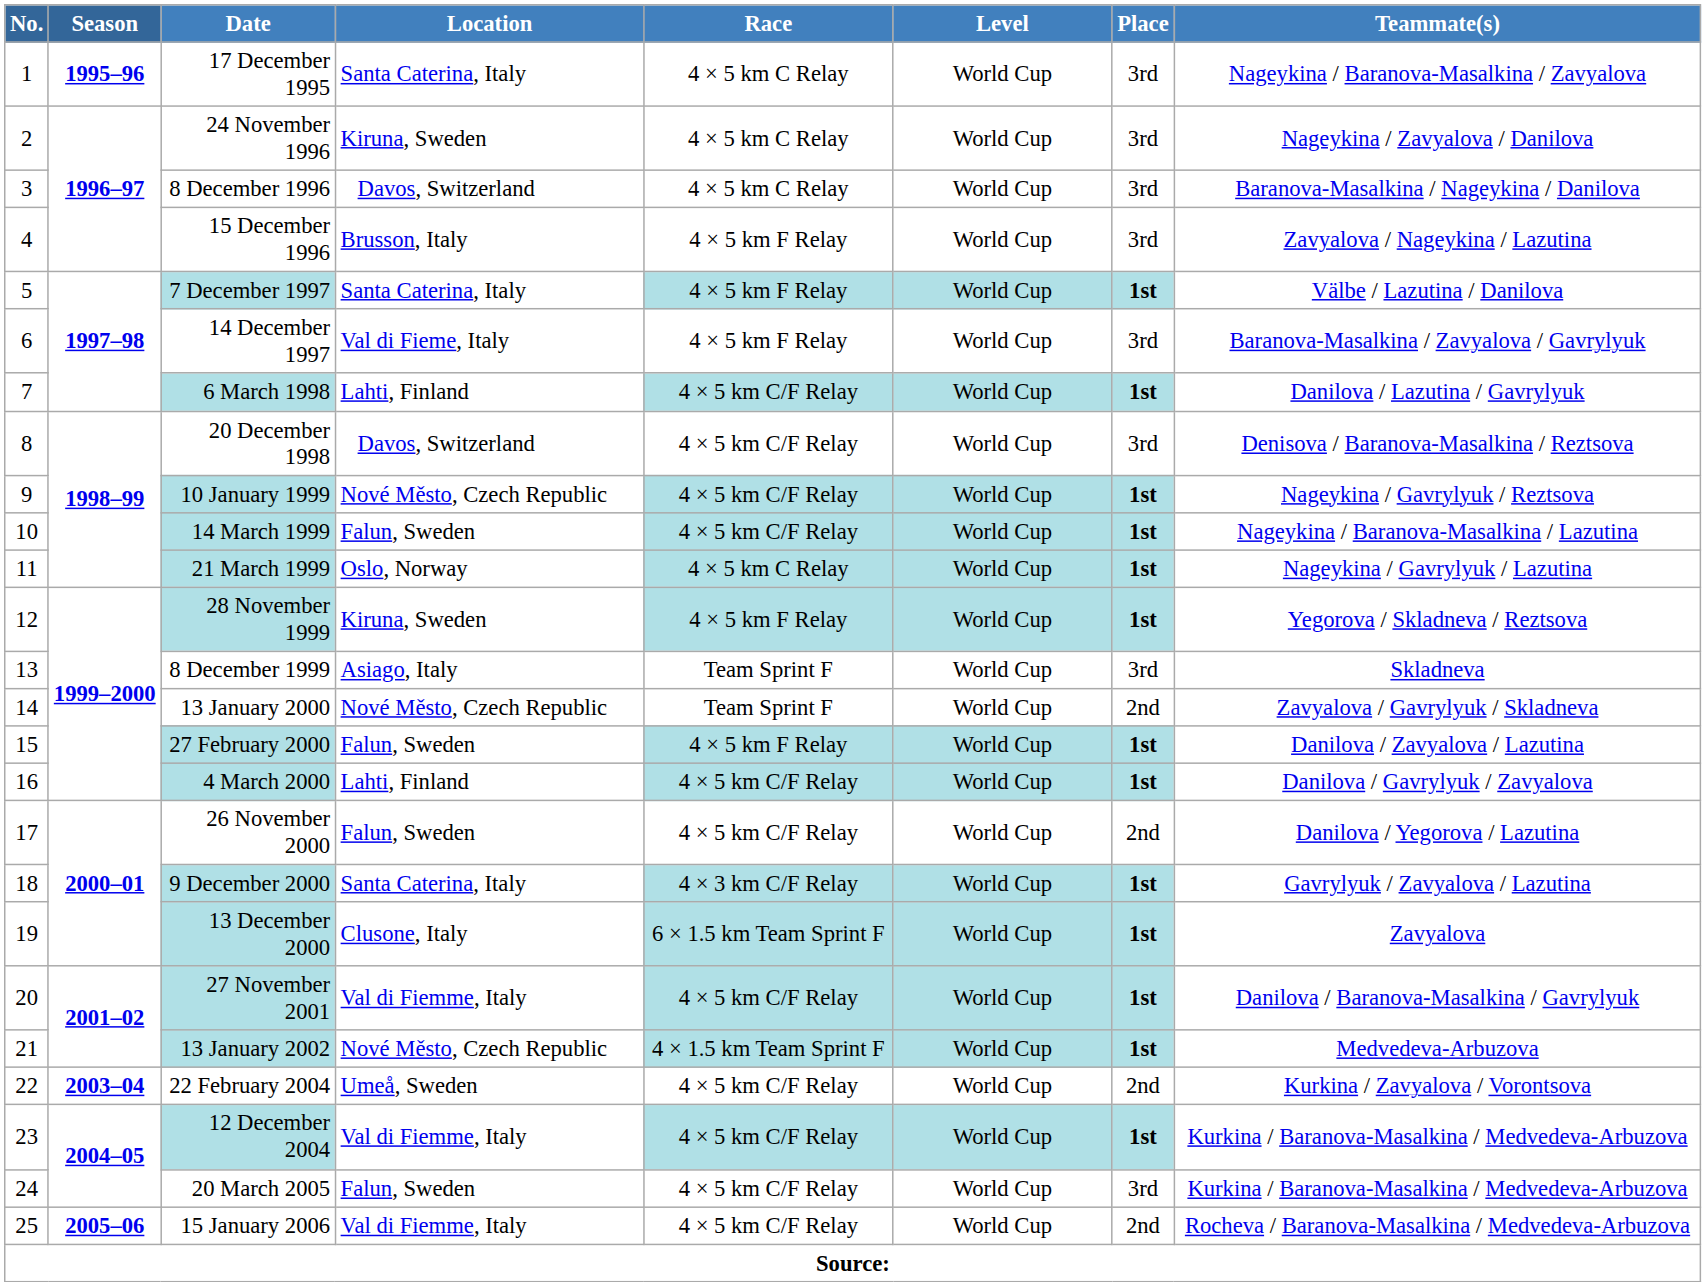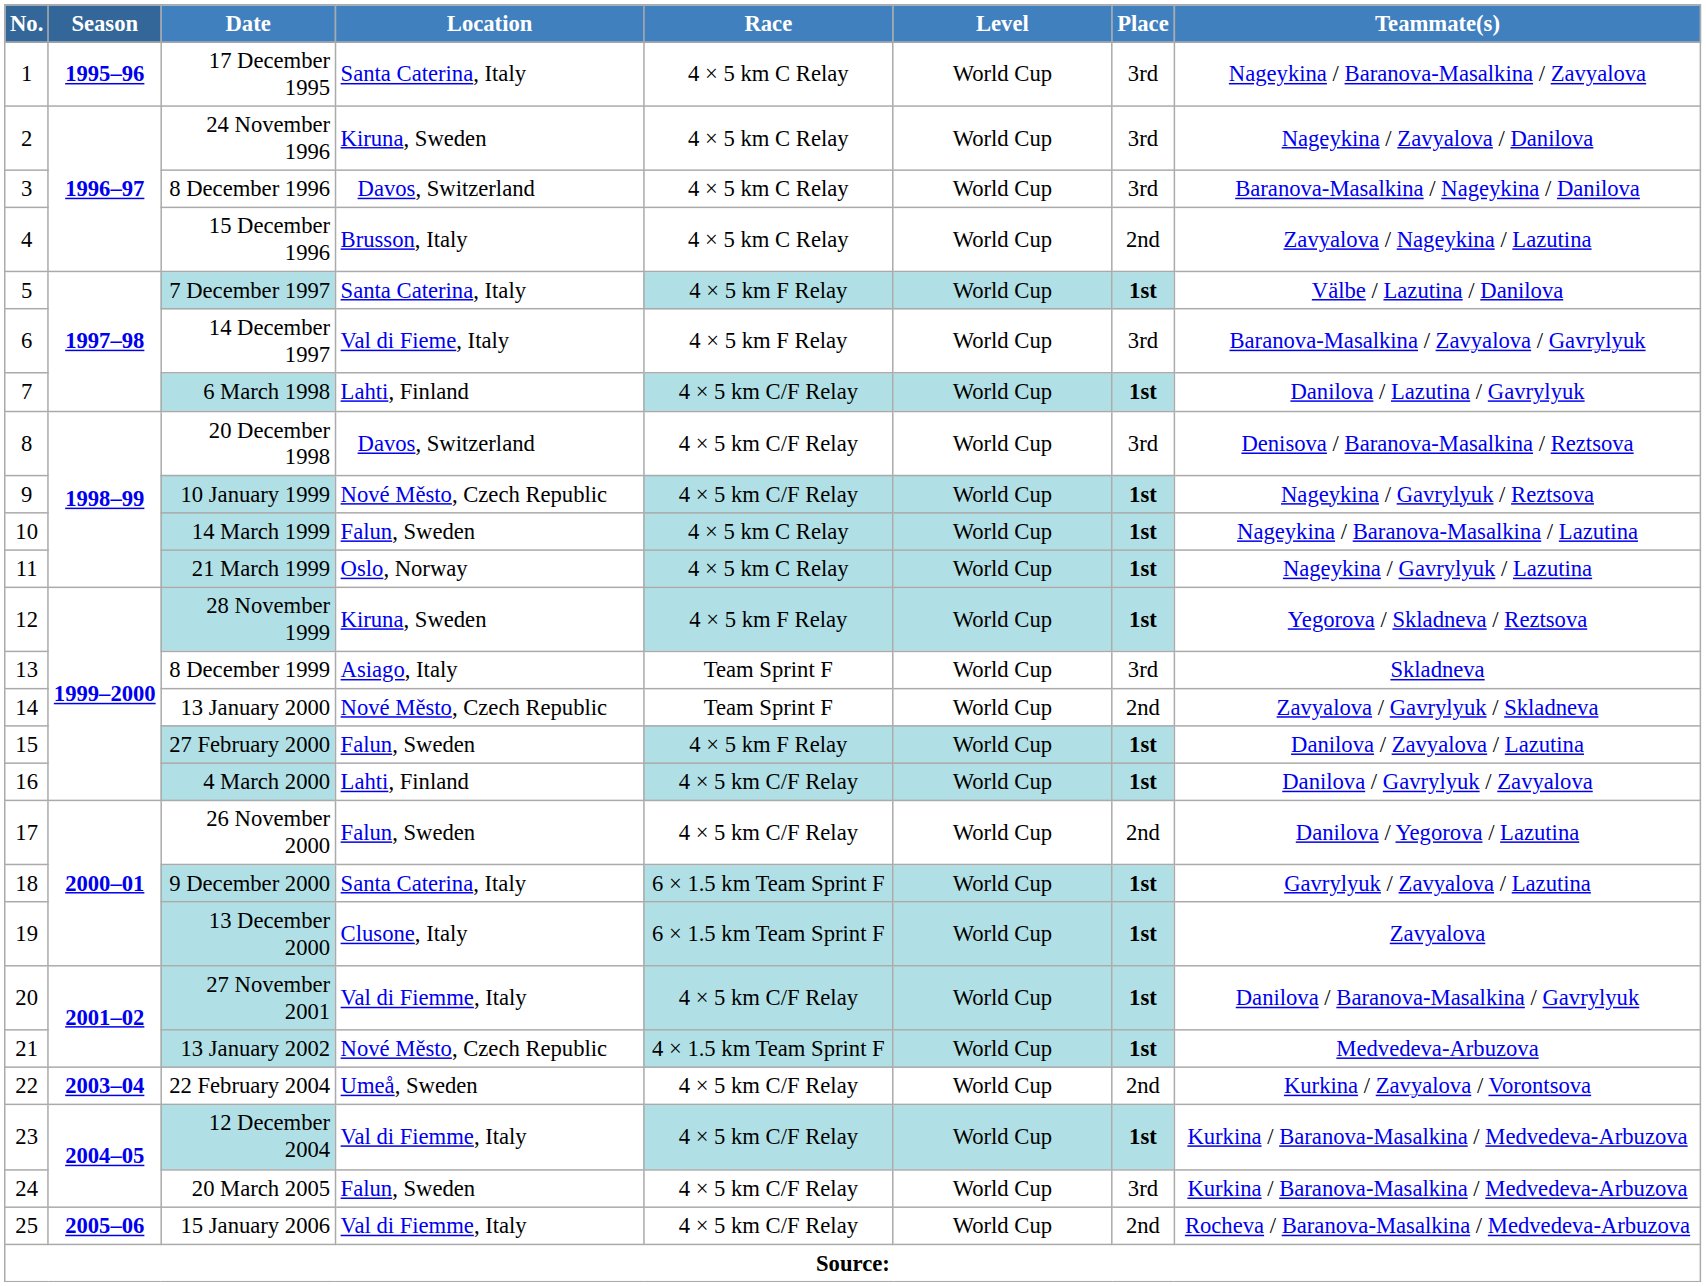 <table class="wikitable sortable" style="font-size:95%; text-align:center; border:grey solid 1px; border-collapse:collapse; background:#ffffff;">
 <tr style="background:#efefef;">
 <th style="background-color:#369; color:white;">No.</th>
 <th style="background-color:#369; color:white;">Season</th>
 <th style="background-color:#4180be; color:white; width:110px;">Date</th>
 <th style="background-color:#4180be; color:white; width:200px;">Location</th>
 <th style="background-color:#4180be; color:white; width:160px;">Race</th>
 <th style="background-color:#4180be; color:white; width:140px;">Level</th>
 <th style="background-color:#4180be; color:white;">Place</th>
 <th style="background-color:#4180be; color:white;">Teammate(s)</th>
 </tr>
 <tr>
 <td align=center>1</td>
 <td align=center><strong><a href='#'>1995–96</a></strong></td>
 <td align=right>17 December 1995</td>
 <td align=left> <a href='#'>Santa Caterina</a>, Italy</td>
 <td>4 × 5 km C Relay</td>
 <td>World Cup</td>
 <td>3rd</td>
 <td><a href='#'>Nageykina</a> / <a href='#'>Baranova-Masalkina</a> / <a href='#'>Zavyalova</a></td>
 </tr>
 <tr>
 <td align=center>2</td>
 <td rowspan=3 align=center><strong><a href='#'>1996–97</a></strong></td>
 <td align=right>24 November 1996</td>
 <td align=left> <a href='#'>Kiruna</a>, Sweden</td>
 <td>4 × 5 km C Relay</td>
 <td>World Cup</td>
 <td>3rd</td>
 <td><a href='#'>Nageykina</a>  / <a href='#'>Zavyalova</a> / <a href='#'>Danilova</a></td>
 </tr>
 <tr>
 <td align=center>3</td>
 <td align=right>8 December 1996</td>
 <td align=left>   <a href='#'>Davos</a>, Switzerland</td>
 <td>4 × 5 km C Relay</td>
 <td>World Cup</td>
 <td>3rd</td>
 <td><a href='#'>Baranova-Masalkina</a> / <a href='#'>Nageykina</a>  / <a href='#'>Danilova</a></td>
 </tr>
 <tr>
 <td align=center>4</td>
 <td align=right>15 December 1996</td>
 <td align=left> <a href='#'>Brusson</a>, Italy</td>
-<td>4 × 5 km F Relay</td>
+<td>4 × 5 km C Relay</td>
 <td>World Cup</td>
-<td>3rd</td>
+<td>2nd</td>
 <td><a href='#'>Zavyalova</a> / <a href='#'>Nageykina</a>  / <a href='#'>Lazutina</a></td>
 </tr>
 <tr>
 <td align=center>5</td>
 <td rowspan=3 align=center><strong><a href='#'>1997–98</a></strong></td>
 <td bgcolor="#BOEOE6" align=right>7 December 1997</td>
 <td align=left> <a href='#'>Santa Caterina</a>, Italy</td>
 <td bgcolor="#BOEOE6">4 × 5 km F Relay</td>
 <td bgcolor="#BOEOE6">World Cup</td>
 <td bgcolor="#BOEOE6"><strong>1st</strong></td>
 <td><a href='#'>Välbe</a> / <a href='#'>Lazutina</a> / <a href='#'>Danilova</a></td>
 </tr>
 <tr>
 <td align=center>6</td>
 <td align=right>14 December 1997</td>
 <td align=left> <a href='#'>Val di Fieme</a>, Italy</td>
 <td>4 × 5 km F Relay</td>
 <td>World Cup</td>
 <td>3rd</td>
 <td><a href='#'>Baranova-Masalkina</a> / <a href='#'>Zavyalova</a> / <a href='#'>Gavrylyuk</a></td>
 </tr>
 <tr>
 <td align=center>7</td>
 <td bgcolor="#BOEOE6" align=right>6 March 1998</td>
 <td align=left> <a href='#'>Lahti</a>, Finland</td>
 <td bgcolor="#BOEOE6">4 × 5 km C/F Relay</td>
 <td bgcolor="#BOEOE6">World Cup</td>
 <td bgcolor="#BOEOE6"><strong>1st</strong></td>
 <td><a href='#'>Danilova</a> / <a href='#'>Lazutina</a> / <a href='#'>Gavrylyuk</a></td>
 </tr>
 <tr>
 <td align=center>8</td>
 <td rowspan=4 align=center><strong><a href='#'>1998–99</a></strong></td>
 <td align=right>20 December 1998</td>
 <td align=left>   <a href='#'>Davos</a>, Switzerland</td>
 <td>4 × 5 km C/F Relay</td>
 <td>World Cup</td>
 <td>3rd</td>
 <td><a href='#'>Denisova</a> / <a href='#'>Baranova-Masalkina</a> / <a href='#'>Reztsova</a></td>
 </tr>
 <tr>
 <td align=center>9</td>
 <td bgcolor="#BOEOE6" align=right>10 January 1999</td>
 <td align=left> <a href='#'>Nové Město</a>, Czech Republic</td>
 <td bgcolor="#BOEOE6">4 × 5 km C/F Relay</td>
 <td bgcolor="#BOEOE6">World Cup</td>
 <td bgcolor="#BOEOE6"><strong>1st</strong></td>
 <td><a href='#'>Nageykina</a> / <a href='#'>Gavrylyuk</a> / <a href='#'>Reztsova</a></td>
 </tr>
 <tr>
 <td align=center>10</td>
 <td bgcolor="#BOEOE6" align=right>14 March 1999</td>
 <td align=left> <a href='#'>Falun</a>, Sweden</td>
-<td bgcolor="#BOEOE6">4 × 5 km C/F Relay</td>
+<td bgcolor="#BOEOE6">4 × 5 km C Relay</td>
 <td bgcolor="#BOEOE6">World Cup</td>
 <td bgcolor="#BOEOE6"><strong>1st</strong></td>
 <td><a href='#'>Nageykina</a> / <a href='#'>Baranova-Masalkina</a> / <a href='#'>Lazutina</a></td>
 </tr>
 <tr>
 <td align=center>11</td>
 <td bgcolor="#BOEOE6" align=right>21 March 1999</td>
 <td align=left> <a href='#'>Oslo</a>, Norway</td>
 <td bgcolor="#BOEOE6">4 × 5 km C Relay</td>
 <td bgcolor="#BOEOE6">World Cup</td>
 <td bgcolor="#BOEOE6"><strong>1st</strong></td>
 <td><a href='#'>Nageykina</a> / <a href='#'>Gavrylyuk</a> / <a href='#'>Lazutina</a></td>
 </tr>
 <tr>
 <td align=center>12</td>
 <td rowspan=5 align=center><strong><a href='#'>1999–2000</a></strong></td>
 <td bgcolor="#BOEOE6" align=right>28 November 1999</td>
 <td align=left> <a href='#'>Kiruna</a>, Sweden</td>
 <td bgcolor="#BOEOE6">4 × 5 km F Relay</td>
 <td bgcolor="#BOEOE6">World Cup</td>
 <td bgcolor="#BOEOE6"><strong>1st</strong></td>
 <td><a href='#'>Yegorova</a> / <a href='#'>Skladneva</a> / <a href='#'>Reztsova</a></td>
 </tr>
 <tr>
 <td align=center>13</td>
 <td align=right>8 December 1999</td>
 <td align=left> <a href='#'>Asiago</a>, Italy</td>
 <td>Team Sprint F</td>
 <td>World Cup</td>
 <td>3rd</td>
 <td><a href='#'>Skladneva</a></td>
 </tr>
 <tr>
 <td align=center>14</td>
 <td align=right>13 January 2000</td>
 <td align=left> <a href='#'>Nové Město</a>, Czech Republic</td>
 <td>Team Sprint F</td>
 <td>World Cup</td>
 <td>2nd</td>
 <td><a href='#'>Zavyalova</a> / <a href='#'>Gavrylyuk</a> / <a href='#'>Skladneva</a></td>
 </tr>
 <tr>
 <td align=center>15</td>
 <td bgcolor="#BOEOE6" align=right>27 February 2000</td>
 <td align=left> <a href='#'>Falun</a>, Sweden</td>
 <td bgcolor="#BOEOE6">4 × 5 km F Relay</td>
 <td bgcolor="#BOEOE6">World Cup</td>
 <td bgcolor="#BOEOE6"><strong>1st</strong></td>
 <td><a href='#'>Danilova</a> / <a href='#'>Zavyalova</a> / <a href='#'>Lazutina</a></td>
 </tr>
 <tr>
 <td align=center>16</td>
 <td bgcolor="#BOEOE6" align=right>4 March 2000</td>
 <td align=left> <a href='#'>Lahti</a>, Finland</td>
 <td bgcolor="#BOEOE6">4 × 5 km C/F Relay</td>
 <td bgcolor="#BOEOE6">World Cup</td>
 <td bgcolor="#BOEOE6"><strong>1st</strong></td>
 <td><a href='#'>Danilova</a> / <a href='#'>Gavrylyuk</a> / <a href='#'>Zavyalova</a></td>
 </tr>
 <tr>
 <td align=center>17</td>
 <td rowspan=3 align=center><strong><a href='#'>2000–01</a></strong></td>
 <td align=right>26 November 2000</td>
 <td align=left> <a href='#'>Falun</a>, Sweden</td>
 <td>4 × 5 km C/F Relay</td>
 <td>World Cup</td>
 <td>2nd</td>
 <td><a href='#'>Danilova</a> / <a href='#'>Yegorova</a> / <a href='#'>Lazutina</a></td>
 </tr>
 <tr>
 <td align=center>18</td>
 <td bgcolor="#BOEOE6" align=right>9 December 2000</td>
 <td align=left> <a href='#'>Santa Caterina</a>, Italy</td>
-<td bgcolor="#BOEOE6">4 × 3 km C/F Relay</td>
+<td bgcolor="#BOEOE6">6 × 1.5 km Team Sprint F</td>
 <td bgcolor="#BOEOE6">World Cup</td>
 <td bgcolor="#BOEOE6"><strong>1st</strong></td>
 <td><a href='#'>Gavrylyuk</a> / <a href='#'>Zavyalova</a> / <a href='#'>Lazutina</a></td>
 </tr>
 <tr>
 <td align=center>19</td>
 <td bgcolor="#BOEOE6" align=right>13 December 2000</td>
 <td align=left> <a href='#'>Clusone</a>, Italy</td>
 <td bgcolor="#BOEOE6">6 × 1.5 km Team Sprint F</td>
 <td bgcolor="#BOEOE6">World Cup</td>
 <td bgcolor="#BOEOE6"><strong>1st</strong></td>
 <td><a href='#'>Zavyalova</a></td>
 </tr>
 <tr>
 <td align=center>20</td>
 <td rowspan=2 align=center><strong><a href='#'>2001–02</a></strong></td>
 <td bgcolor="#BOEOE6" align=right>27 November 2001</td>
 <td align=left> <a href='#'>Val di Fiemme</a>, Italy</td>
 <td bgcolor="#BOEOE6">4 × 5 km C/F Relay</td>
 <td bgcolor="#BOEOE6">World Cup</td>
 <td bgcolor="#BOEOE6"><strong>1st</strong></td>
 <td><a href='#'>Danilova</a> / <a href='#'>Baranova-Masalkina</a> / <a href='#'>Gavrylyuk</a></td>
 </tr>
 <tr>
 <td align=center>21</td>
 <td bgcolor="#BOEOE6" align=right>13 January 2002</td>
 <td align=left> <a href='#'>Nové Město</a>, Czech Republic</td>
 <td bgcolor="#BOEOE6">4 × 1.5 km Team Sprint F</td>
 <td bgcolor="#BOEOE6">World Cup</td>
 <td bgcolor="#BOEOE6"><strong>1st</strong></td>
 <td><a href='#'>Medvedeva-Arbuzova</a></td>
 </tr>
 <tr>
 <td align=center>22</td>
 <td align=center><strong><a href='#'>2003–04</a></strong></td>
 <td align=right>22 February 2004</td>
 <td align=left> <a href='#'>Umeå</a>, Sweden</td>
 <td>4 × 5 km C/F Relay</td>
 <td>World Cup</td>
 <td>2nd</td>
 <td><a href='#'>Kurkina</a> / <a href='#'>Zavyalova</a> / <a href='#'>Vorontsova</a></td>
 </tr>
 <tr>
 <td align=center>23</td>
 <td rowspan=2 align=center><strong><a href='#'>2004–05</a></strong></td>
 <td bgcolor="#BOEOE6" align=right>12 December 2004</td>
 <td align=left> <a href='#'>Val di Fiemme</a>, Italy</td>
 <td bgcolor="#BOEOE6">4 × 5 km C/F Relay</td>
 <td bgcolor="#BOEOE6">World Cup</td>
 <td bgcolor="#BOEOE6"><strong>1st</strong></td>
 <td><a href='#'>Kurkina</a> / <a href='#'>Baranova-Masalkina</a> / <a href='#'>Medvedeva-Arbuzova</a></td>
 </tr>
 <tr>
 <td align=center>24</td>
 <td align=right>20 March 2005</td>
 <td align=left> <a href='#'>Falun</a>, Sweden</td>
 <td>4 × 5 km C/F Relay</td>
 <td>World Cup</td>
 <td>3rd</td>
 <td><a href='#'>Kurkina</a> / <a href='#'>Baranova-Masalkina</a> / <a href='#'>Medvedeva-Arbuzova</a></td>
 </tr>
 <tr>
 <td align=center>25</td>
 <td align=center><strong><a href='#'>2005–06</a></strong></td>
 <td align=right>15 January 2006</td>
 <td align=left> <a href='#'>Val di Fiemme</a>, Italy</td>
 <td>4 × 5 km C/F Relay</td>
 <td>World Cup</td>
 <td>2nd</td>
 <td> <a href='#'>Rocheva</a> / <a href='#'>Baranova-Masalkina</a> / <a href='#'>Medvedeva-Arbuzova</a> </td>
 </tr>
 <tr>
 <td colspan="8"><strong>Source:</strong> </td>
 </tr>
 </table>
